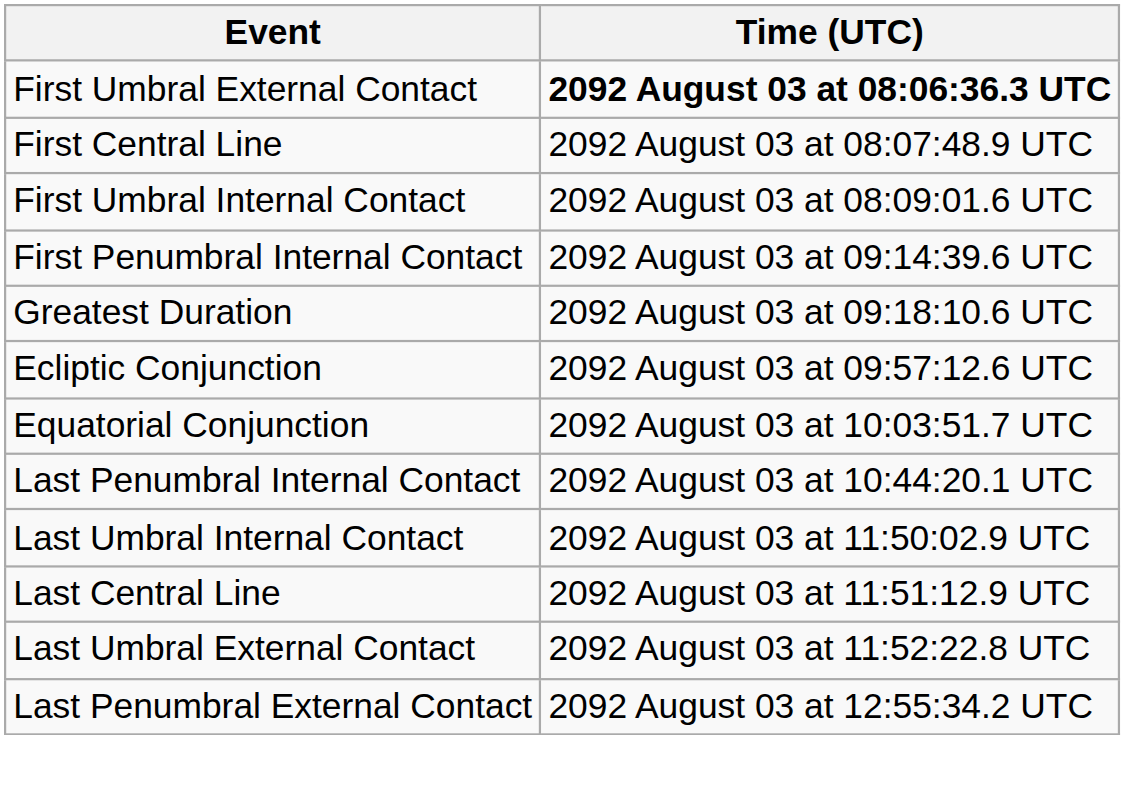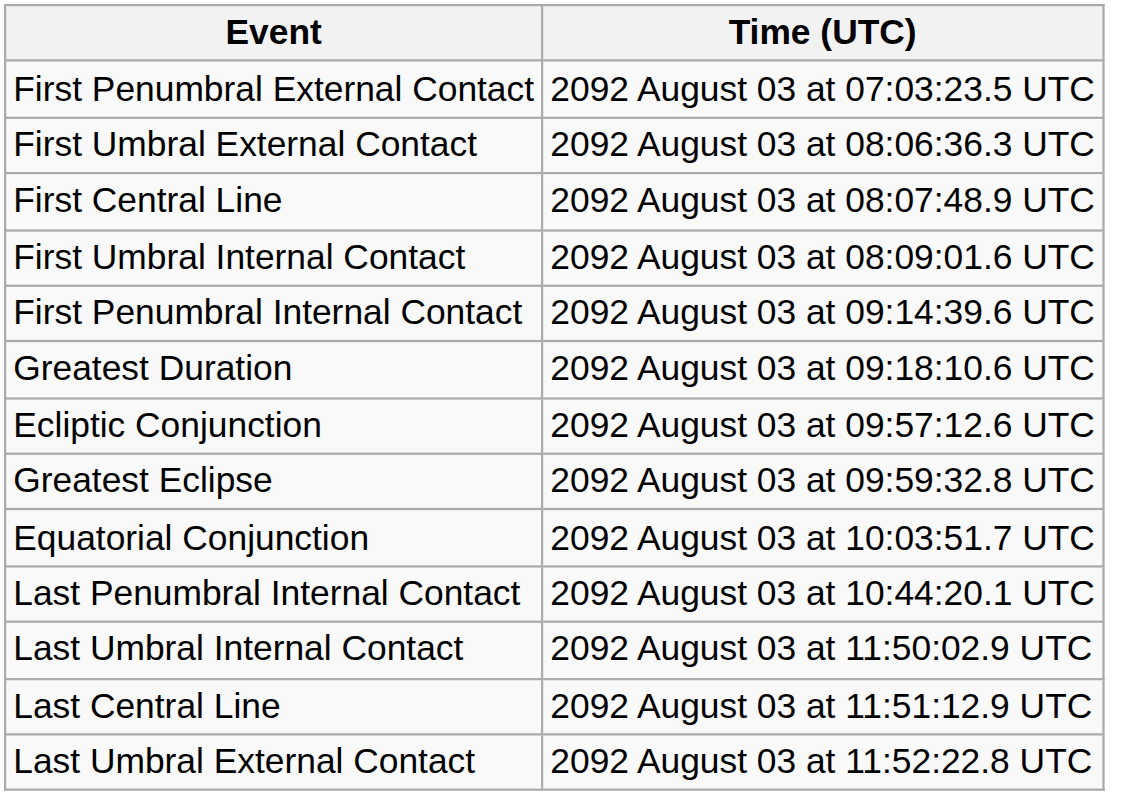 <table class="wikitable">
 <tr>
 <th>Event</th>
 <th>Time (UTC)</th>
 </tr>
 <tr>
+<td>First Penumbral External Contact</td>
+<td>2092 August 03 at 07:03:23.5 UTC</td>
+</tr>
+<tr>
 <td>First Umbral External Contact</td>
-<td><strong>2092 August 03 at 08:06:36.3 UTC</strong></td>
+<td>2092 August 03 at 08:06:36.3 UTC</td>
 </tr>
 <tr>
 <td>First Central Line</td>
 <td>2092 August 03 at 08:07:48.9 UTC</td>
 </tr>
 <tr>
 <td>First Umbral Internal Contact</td>
 <td>2092 August 03 at 08:09:01.6 UTC</td>
 </tr>
 <tr>
 <td>First Penumbral Internal Contact</td>
 <td>2092 August 03 at 09:14:39.6 UTC</td>
 </tr>
 <tr>
 <td>Greatest Duration</td>
 <td>2092 August 03 at 09:18:10.6 UTC</td>
 </tr>
 <tr>
 <td>Ecliptic Conjunction</td>
 <td>2092 August 03 at 09:57:12.6 UTC</td>
 </tr>
 <tr>
+<td>Greatest Eclipse</td>
+<td>2092 August 03 at 09:59:32.8 UTC</td>
+</tr>
+<tr>
 <td>Equatorial Conjunction</td>
 <td>2092 August 03 at 10:03:51.7 UTC</td>
 </tr>
 <tr>
 <td>Last Penumbral Internal Contact</td>
 <td>2092 August 03 at 10:44:20.1 UTC</td>
 </tr>
 <tr>
 <td>Last Umbral Internal Contact</td>
 <td>2092 August 03 at 11:50:02.9 UTC</td>
 </tr>
 <tr>
 <td>Last Central Line</td>
 <td>2092 August 03 at 11:51:12.9 UTC</td>
 </tr>
 <tr>
 <td>Last Umbral External Contact</td>
 <td>2092 August 03 at 11:52:22.8 UTC</td>
 </tr>
-<tr>
-<td>Last Penumbral External Contact</td>
-<td>2092 August 03 at 12:55:34.2 UTC</td>
-</tr>
 </table>
